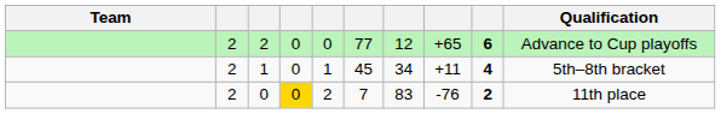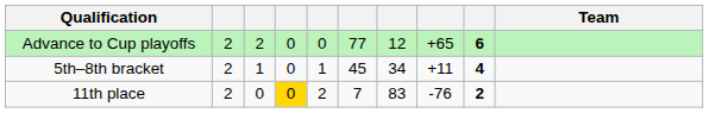 <table class="wikitable" style="text-align:center">
 <tr>
-<th style="width:12.5em">Team</th>
+<th style="width:12.5em">Qualification</th>
 <th style="width:1.5em;"></th>
 <th style="width:1.5em;"></th>
 <th style="width:1.5em;"></th>
 <th style="width:1.5em;"></th>
 <th style="width:2.0em;"></th>
 <th style="width:2.0em;"></th>
 <th style="width:2.5em;"></th>
 <th style="width:1.5em;"></th>
-<th style="width:12.5em">Qualification</th>
+<th style="width:12.5em">Team</th>
 </tr>
 <tr bgcolor=#bbf3bb>
-<td align=left></td>
+<td>Advance to Cup playoffs</td>
 <td>2</td>
 <td>2</td>
 <td>0</td>
 <td>0</td>
 <td>77</td>
 <td>12</td>
 <td>+65</td>
 <td><strong>6</strong></td>
-<td>Advance to Cup playoffs</td>
+<td align=left></td>
 </tr>
 <tr>
-<td align=left></td>
+<td>5th–8th bracket</td>
 <td>2</td>
 <td>1</td>
 <td>0</td>
 <td>1</td>
 <td>45</td>
 <td>34</td>
 <td>+11</td>
 <td><strong>4</strong></td>
-<td>5th–8th bracket</td>
+<td align=left></td>
 </tr>
 <tr>
-<td align=left></td>
+<td>11th place</td>
 <td>2</td>
 <td>0</td>
 <td style="background: gold;">0</td>
 <td>2</td>
 <td>7</td>
 <td>83</td>
 <td>-76</td>
 <td><strong>2</strong></td>
-<td>11th place</td>
+<td align=left></td>
 </tr>
 </table>
